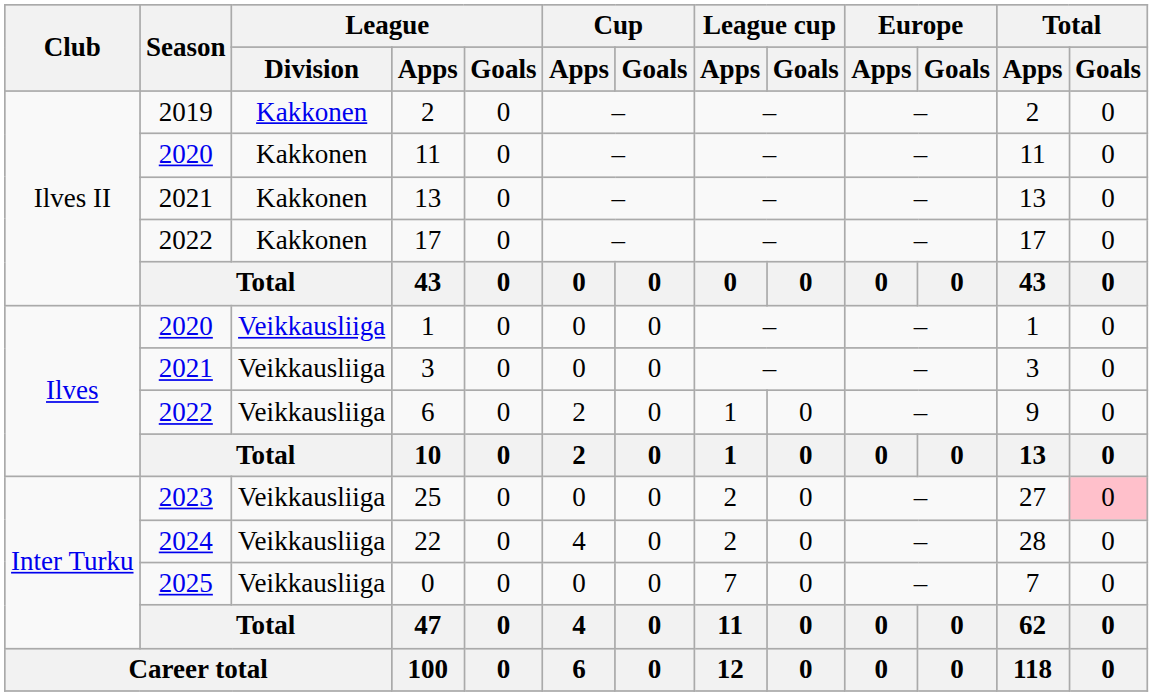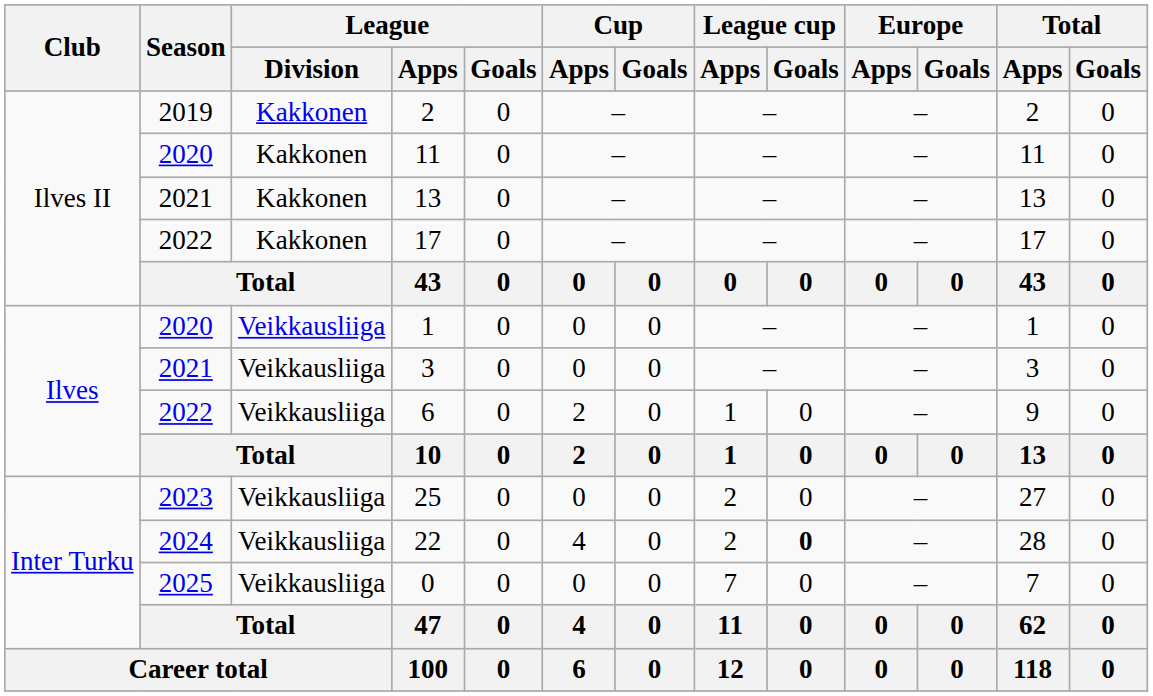 <table class="wikitable" style="text-align:center">
 <tr>
 <th rowspan="2">Club</th>
 <th rowspan="2">Season</th>
 <th colspan="3">League</th>
 <th colspan="2">Cup</th>
 <th colspan="2">League cup</th>
 <th colspan="2">Europe</th>
 <th colspan="2">Total</th>
 </tr>
 <tr>
 <th>Division</th>
 <th>Apps</th>
 <th>Goals</th>
 <th>Apps</th>
 <th>Goals</th>
 <th>Apps</th>
 <th>Goals</th>
 <th>Apps</th>
 <th>Goals</th>
 <th>Apps</th>
 <th>Goals</th>
 </tr>
 <tr>
 <td rowspan="5">Ilves II</td>
 <td>2019</td>
 <td><a href='#'>Kakkonen</a></td>
 <td>2</td>
 <td>0</td>
 <td colspan="2">–</td>
 <td colspan="2">–</td>
 <td colspan="2">–</td>
 <td>2</td>
 <td>0</td>
 </tr>
 <tr>
 <td><a href='#'>2020</a></td>
 <td>Kakkonen</td>
 <td>11</td>
 <td>0</td>
 <td colspan="2">–</td>
 <td colspan="2">–</td>
 <td colspan="2">–</td>
 <td>11</td>
 <td>0</td>
 </tr>
 <tr>
 <td>2021</td>
 <td>Kakkonen</td>
 <td>13</td>
 <td>0</td>
 <td colspan="2">–</td>
 <td colspan="2">–</td>
 <td colspan="2">–</td>
 <td>13</td>
 <td>0</td>
 </tr>
 <tr>
 <td>2022</td>
 <td>Kakkonen</td>
 <td>17</td>
 <td>0</td>
 <td colspan="2">–</td>
 <td colspan="2">–</td>
 <td colspan="2">–</td>
 <td>17</td>
 <td>0</td>
 </tr>
 <tr>
 <th colspan="2">Total</th>
 <th>43</th>
 <th>0</th>
 <th>0</th>
 <th>0</th>
 <th>0</th>
 <th>0</th>
 <th>0</th>
 <th>0</th>
 <th>43</th>
 <th>0</th>
 </tr>
 <tr>
 <td rowspan="4"><a href='#'>Ilves</a></td>
 <td><a href='#'>2020</a></td>
 <td><a href='#'>Veikkausliiga</a></td>
 <td>1</td>
 <td>0</td>
 <td>0</td>
 <td>0</td>
 <td colspan="2">–</td>
 <td colspan="2">–</td>
 <td>1</td>
 <td>0</td>
 </tr>
 <tr>
 <td><a href='#'>2021</a></td>
 <td>Veikkausliiga</td>
 <td>3</td>
 <td>0</td>
 <td>0</td>
 <td>0</td>
 <td colspan="2">–</td>
 <td colspan="2">–</td>
 <td>3</td>
 <td>0</td>
 </tr>
 <tr>
 <td><a href='#'>2022</a></td>
 <td>Veikkausliiga</td>
 <td>6</td>
 <td>0</td>
 <td>2</td>
 <td>0</td>
 <td>1</td>
 <td>0</td>
 <td colspan="2">–</td>
 <td>9</td>
 <td>0</td>
 </tr>
 <tr>
 <th colspan="2">Total</th>
 <th>10</th>
 <th>0</th>
 <th>2</th>
 <th>0</th>
 <th>1</th>
 <th>0</th>
 <th>0</th>
 <th>0</th>
 <th>13</th>
 <th>0</th>
 </tr>
 <tr>
 <td rowspan="4"><a href='#'>Inter Turku</a></td>
 <td><a href='#'>2023</a></td>
 <td>Veikkausliiga</td>
 <td>25</td>
 <td>0</td>
 <td>0</td>
 <td>0</td>
 <td>2</td>
 <td>0</td>
 <td colspan="2">–</td>
 <td>27</td>
-<td style="background: pink;">0</td>
+<td>0</td>
 </tr>
 <tr>
 <td><a href='#'>2024</a></td>
 <td>Veikkausliiga</td>
 <td>22</td>
 <td>0</td>
 <td>4</td>
 <td>0</td>
 <td>2</td>
-<td>0</td>
+<td><strong>0</strong></td>
 <td colspan="2">–</td>
 <td>28</td>
 <td>0</td>
 </tr>
 <tr>
 <td><a href='#'>2025</a></td>
 <td>Veikkausliiga</td>
 <td>0</td>
 <td>0</td>
 <td>0</td>
 <td>0</td>
 <td>7</td>
 <td>0</td>
 <td colspan=2>–</td>
 <td>7</td>
 <td>0</td>
 </tr>
 <tr>
 <th colspan="2">Total</th>
 <th>47</th>
 <th>0</th>
 <th>4</th>
 <th>0</th>
 <th>11</th>
 <th>0</th>
 <th>0</th>
 <th>0</th>
 <th>62</th>
 <th>0</th>
 </tr>
 <tr>
 <th colspan="3">Career total</th>
 <th>100</th>
 <th>0</th>
 <th>6</th>
 <th>0</th>
 <th>12</th>
 <th>0</th>
 <th>0</th>
 <th>0</th>
 <th>118</th>
 <th>0</th>
 </tr>
 </table>
